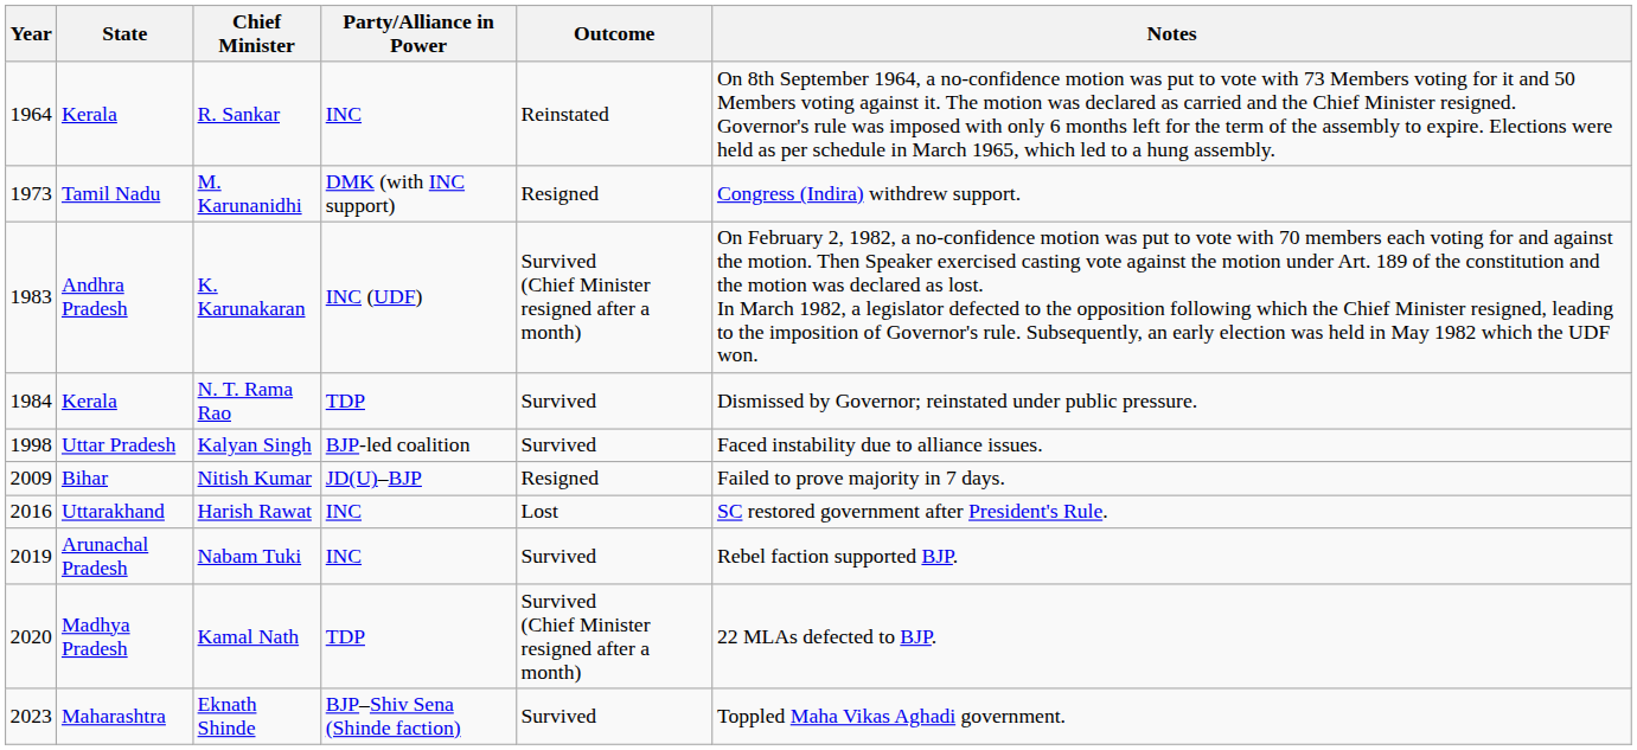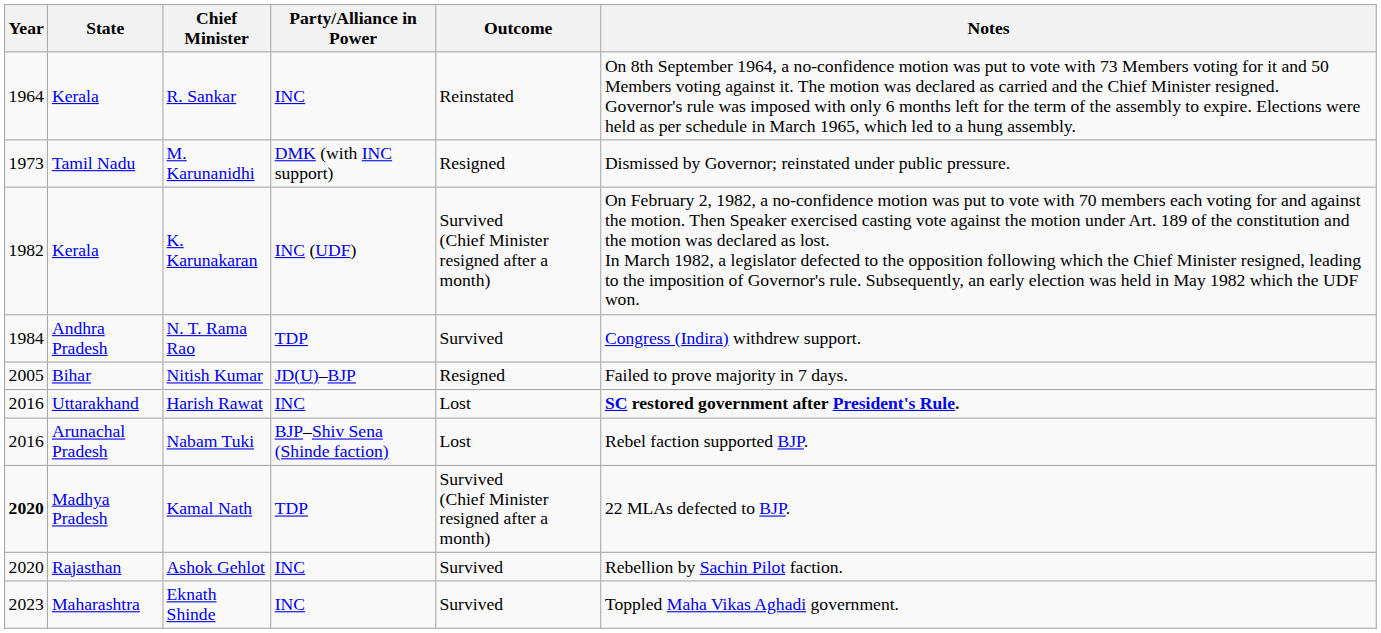 <table class="wikitable">
 <tr>
 <th>Year</th>
 <th>State</th>
 <th>Chief Minister</th>
 <th>Party/Alliance in Power</th>
 <th>Outcome</th>
 <th>Notes</th>
 </tr>
 <tr>
 <td>1964</td>
 <td><a href='#'>Kerala</a></td>
 <td><a href='#'>R. Sankar</a></td>
 <td><a href='#'>INC</a></td>
 <td>Reinstated</td>
 <td>On 8th September 1964, a no-confidence motion was put to vote with 73 Members voting for it and 50 Members voting against it. The motion was declared as carried and the Chief Minister resigned.<br>Governor's rule was imposed with only 6 months left for the term of the assembly to expire. Elections were held as per schedule in March 1965, which led to a hung assembly.</td>
 </tr>
 <tr>
 <td>1973</td>
 <td><a href='#'>Tamil Nadu</a></td>
 <td><a href='#'>M. Karunanidhi</a></td>
 <td><a href='#'>DMK</a> (with <a href='#'>INC</a> support)</td>
 <td>Resigned</td>
-<td><a href='#'>Congress (Indira)</a> withdrew support. </td>
+<td>Dismissed by Governor; reinstated under public pressure. </td>
 </tr>
 <tr>
-<td>1983</td>
-<td><a href='#'>Andhra Pradesh</a></td>
+<td>1982</td>
+<td><a href='#'>Kerala</a></td>
 <td><a href='#'>K. Karunakaran</a></td>
 <td><a href='#'>INC</a> (<a href='#'>UDF</a>)</td>
 <td>Survived<br>(Chief Minister resigned after a month)</td>
 <td>On February 2, 1982, a no-confidence motion was put to vote with 70 members each voting for and against the motion. Then Speaker exercised casting vote against the motion under Art. 189 of the constitution and the motion was declared as lost.<br>In March 1982, a legislator defected to the opposition following which the Chief Minister resigned, leading to the imposition of Governor's rule. Subsequently, an early election was held in May 1982 which the UDF won.</td>
 </tr>
 <tr>
 <td>1984</td>
-<td><a href='#'>Kerala</a></td>
+<td><a href='#'>Andhra Pradesh</a></td>
 <td><a href='#'>N. T. Rama Rao</a></td>
 <td><a href='#'>TDP</a></td>
 <td>Survived</td>
-<td>Dismissed by Governor; reinstated under public pressure. </td>
+<td><a href='#'>Congress (Indira)</a> withdrew support. </td>
 </tr>
 <tr>
-<td>1998</td>
-<td><a href='#'>Uttar Pradesh</a></td>
-<td><a href='#'>Kalyan Singh</a></td>
-<td><a href='#'>BJP</a>-led coalition</td>
-<td>Survived</td>
-<td>Faced instability due to alliance issues. </td>
-</tr>
-<tr>
-<td>2009</td>
+<td>2005</td>
 <td><a href='#'>Bihar</a></td>
 <td><a href='#'>Nitish Kumar</a></td>
 <td><a href='#'>JD(U)</a>–<a href='#'>BJP</a></td>
 <td>Resigned</td>
 <td>Failed to prove majority in 7 days. </td>
 </tr>
 <tr>
 <td>2016</td>
 <td><a href='#'>Uttarakhand</a></td>
 <td><a href='#'>Harish Rawat</a></td>
 <td><a href='#'>INC</a></td>
 <td>Lost</td>
-<td><a href='#'>SC</a> restored government after <a href='#'>President's Rule</a>. </td>
+<td><strong><a href='#'>SC</a> restored government after <a href='#'>President's Rule</a>. </strong></td>
 </tr>
 <tr>
-<td>2019</td>
+<td>2016</td>
 <td><a href='#'>Arunachal Pradesh</a></td>
 <td><a href='#'>Nabam Tuki</a></td>
-<td><a href='#'>INC</a></td>
-<td>Survived</td>
+<td><a href='#'>BJP</a>–<a href='#'>Shiv Sena (Shinde faction)</a></td>
+<td>Lost</td>
 <td>Rebel faction supported <a href='#'>BJP</a>. </td>
 </tr>
 <tr>
-<td>2020</td>
+<td><strong>2020</strong></td>
 <td><a href='#'>Madhya Pradesh</a></td>
 <td><a href='#'>Kamal Nath</a></td>
 <td><a href='#'>TDP</a></td>
 <td>Survived<br>(Chief Minister resigned after a month)</td>
 <td>22 MLAs defected to <a href='#'>BJP</a>. </td>
 </tr>
 <tr>
+<td>2020</td>
+<td><a href='#'>Rajasthan</a></td>
+<td><a href='#'>Ashok Gehlot</a></td>
+<td><a href='#'>INC</a></td>
+<td>Survived</td>
+<td>Rebellion by <a href='#'>Sachin Pilot</a> faction. </td>
+</tr>
+<tr>
 <td>2023</td>
 <td><a href='#'>Maharashtra</a></td>
 <td><a href='#'>Eknath Shinde</a></td>
-<td><a href='#'>BJP</a>–<a href='#'>Shiv Sena (Shinde faction)</a></td>
+<td><a href='#'>INC</a></td>
 <td>Survived</td>
 <td>Toppled <a href='#'>Maha Vikas Aghadi</a> government. </td>
 </tr>
 </table>
